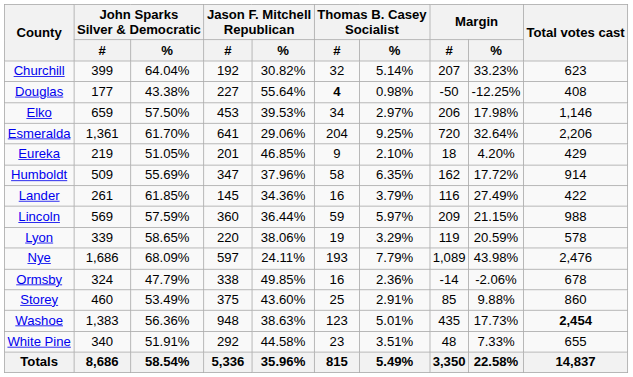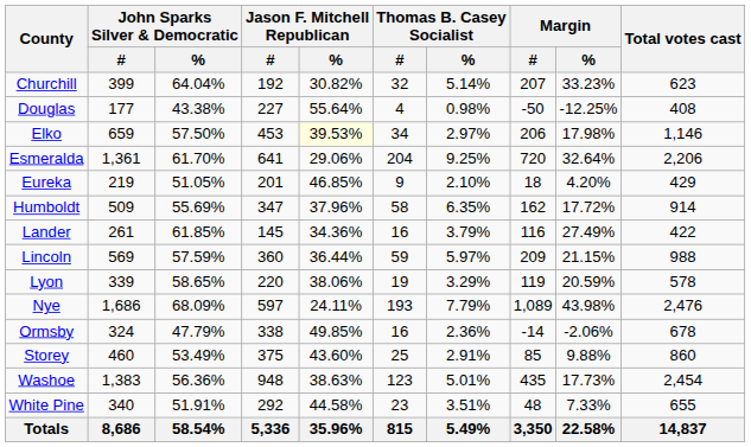 <table class="wikitable sortable" style="text-align:center">
 <tr>
 <th rowspan="2">County</th>
 <th style="text-align:center;" colspan="2">John Sparks<br>Silver & Democratic</th>
 <th style="text-align:center;" colspan="2">Jason F. Mitchell<br>Republican</th>
 <th style="text-align:center;" colspan="2">Thomas B. Casey<br>Socialist</th>
 <th style="text-align:center;" colspan="2">Margin</th>
 <th style="text-align:center;" rowspan="2">Total votes cast</th>
 </tr>
 <tr>
 <th style="text-align:center;" data-sort-type="number">#</th>
 <th style="text-align:center;" data-sort-type="number">%</th>
 <th style="text-align:center;" data-sort-type="number">#</th>
 <th style="text-align:center;" data-sort-type="number">%</th>
 <th style="text-align:center;" data-sort-type="number">#</th>
 <th style="text-align:center;" data-sort-type="number">%</th>
 <th style="text-align:center;" data-sort-type="number">#</th>
 <th style="text-align:center;" data-sort-type="number">%</th>
 </tr>
 <tr style="text-align:center;">
 <td><a href='#'>Churchill</a></td>
 <td>399</td>
 <td>64.04%</td>
 <td>192</td>
 <td>30.82%</td>
 <td>32</td>
 <td>5.14%</td>
 <td>207</td>
 <td>33.23%</td>
 <td>623</td>
 </tr>
 <tr style="text-align:center;">
 <td><a href='#'>Douglas</a></td>
 <td>177</td>
 <td>43.38%</td>
 <td>227</td>
 <td>55.64%</td>
-<td><strong>4</strong></td>
+<td>4</td>
 <td>0.98%</td>
 <td>-50</td>
 <td>-12.25%</td>
 <td>408</td>
 </tr>
 <tr style="text-align:center;">
 <td><a href='#'>Elko</a></td>
 <td>659</td>
 <td>57.50%</td>
 <td>453</td>
-<td>39.53%</td>
+<td style="background: lightyellow;">39.53%</td>
 <td>34</td>
 <td>2.97%</td>
 <td>206</td>
 <td>17.98%</td>
 <td>1,146</td>
 </tr>
 <tr style="text-align:center;">
 <td><a href='#'>Esmeralda</a></td>
 <td>1,361</td>
 <td>61.70%</td>
 <td>641</td>
 <td>29.06%</td>
 <td>204</td>
 <td>9.25%</td>
 <td>720</td>
 <td>32.64%</td>
 <td>2,206</td>
 </tr>
 <tr style="text-align:center;">
 <td><a href='#'>Eureka</a></td>
 <td>219</td>
 <td>51.05%</td>
 <td>201</td>
 <td>46.85%</td>
 <td>9</td>
 <td>2.10%</td>
 <td>18</td>
 <td>4.20%</td>
 <td>429</td>
 </tr>
 <tr style="text-align:center;">
 <td><a href='#'>Humboldt</a></td>
 <td>509</td>
 <td>55.69%</td>
 <td>347</td>
 <td>37.96%</td>
 <td>58</td>
 <td>6.35%</td>
 <td>162</td>
 <td>17.72%</td>
 <td>914</td>
 </tr>
 <tr style="text-align:center;">
 <td><a href='#'>Lander</a></td>
 <td>261</td>
 <td>61.85%</td>
 <td>145</td>
 <td>34.36%</td>
 <td>16</td>
 <td>3.79%</td>
 <td>116</td>
 <td>27.49%</td>
 <td>422</td>
 </tr>
 <tr style="text-align:center;">
 <td><a href='#'>Lincoln</a></td>
 <td>569</td>
 <td>57.59%</td>
 <td>360</td>
 <td>36.44%</td>
 <td>59</td>
 <td>5.97%</td>
 <td>209</td>
 <td>21.15%</td>
 <td>988</td>
 </tr>
 <tr style="text-align:center;">
 <td><a href='#'>Lyon</a></td>
 <td>339</td>
 <td>58.65%</td>
 <td>220</td>
 <td>38.06%</td>
 <td>19</td>
 <td>3.29%</td>
 <td>119</td>
 <td>20.59%</td>
 <td>578</td>
 </tr>
 <tr style="text-align:center;">
 <td><a href='#'>Nye</a></td>
 <td>1,686</td>
 <td>68.09%</td>
 <td>597</td>
 <td>24.11%</td>
 <td>193</td>
 <td>7.79%</td>
 <td>1,089</td>
 <td>43.98%</td>
 <td>2,476</td>
 </tr>
 <tr style="text-align:center;">
 <td><a href='#'>Ormsby</a></td>
 <td>324</td>
 <td>47.79%</td>
 <td>338</td>
 <td>49.85%</td>
 <td>16</td>
 <td>2.36%</td>
 <td>-14</td>
 <td>-2.06%</td>
 <td>678</td>
 </tr>
 <tr style="text-align:center;">
 <td><a href='#'>Storey</a></td>
 <td>460</td>
 <td>53.49%</td>
 <td>375</td>
 <td>43.60%</td>
 <td>25</td>
 <td>2.91%</td>
 <td>85</td>
 <td>9.88%</td>
 <td>860</td>
 </tr>
 <tr style="text-align:center;">
 <td><a href='#'>Washoe</a></td>
 <td>1,383</td>
 <td>56.36%</td>
 <td>948</td>
 <td>38.63%</td>
 <td>123</td>
 <td>5.01%</td>
 <td>435</td>
 <td>17.73%</td>
-<td><strong>2,454</strong></td>
+<td>2,454</td>
 </tr>
 <tr style="text-align:center;">
 <td><a href='#'>White Pine</a></td>
 <td>340</td>
 <td>51.91%</td>
 <td>292</td>
 <td>44.58%</td>
 <td>23</td>
 <td>3.51%</td>
 <td>48</td>
 <td>7.33%</td>
 <td>655</td>
 </tr>
 <tr style="text-align:center;">
 <th>Totals</th>
 <th>8,686</th>
 <th>58.54%</th>
 <th>5,336</th>
 <th>35.96%</th>
 <th>815</th>
 <th>5.49%</th>
 <th>3,350</th>
 <th>22.58%</th>
 <th>14,837</th>
 </tr>
 </table>
